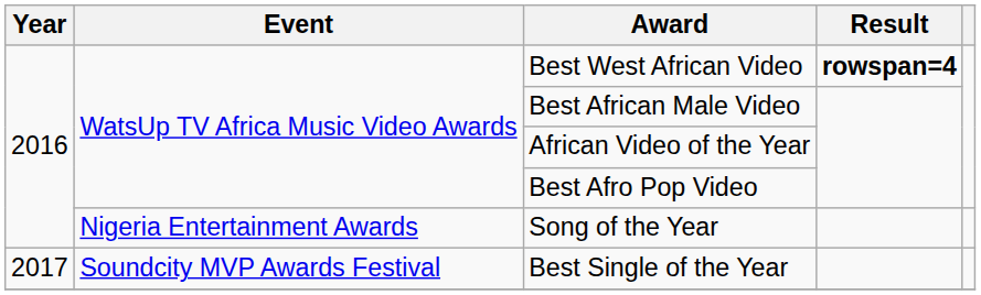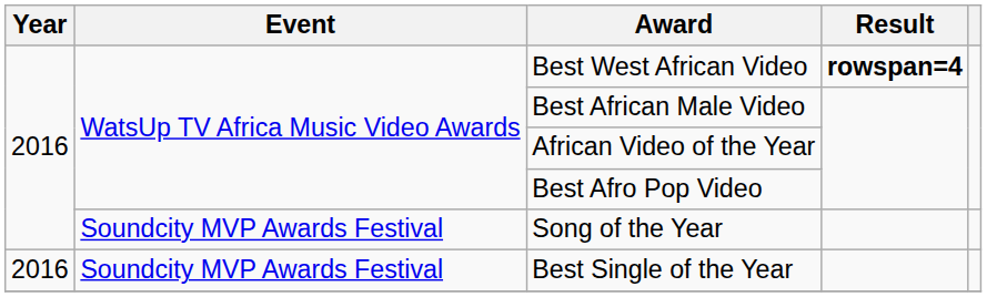 <table class="wikitable sortable plainrowheaders"">
 <tr>
 <th>Year</th>
 <th>Event</th>
 <th>Award</th>
 <th>Result</th>
 <th></th>
 </tr>
 <tr>
 <td rowspan=5>2016</td>
 <td rowspan=4><a href='#'>WatsUp TV Africa Music Video Awards</a></td>
 <td>Best West African Video</td>
 <td><strong>rowspan=4 </strong></td>
 <td rowspan=4></td>
 </tr>
 <tr>
 <td>Best African Male Video</td>
 </tr>
 <tr>
 <td>African Video of the Year</td>
 </tr>
 <tr>
 <td>Best Afro Pop Video</td>
 </tr>
 <tr>
-<td><a href='#'>Nigeria Entertainment Awards</a></td>
+<td><a href='#'>Soundcity MVP Awards Festival</a></td>
 <td>Song of the Year</td>
 <td></td>
 <td></td>
 </tr>
 <tr>
-<td>2017</td>
+<td>2016</td>
 <td><a href='#'>Soundcity MVP Awards Festival</a></td>
 <td>Best Single of the Year</td>
 <td></td>
 <td></td>
 </tr>
 <tr>
 </tr>
 </table>
